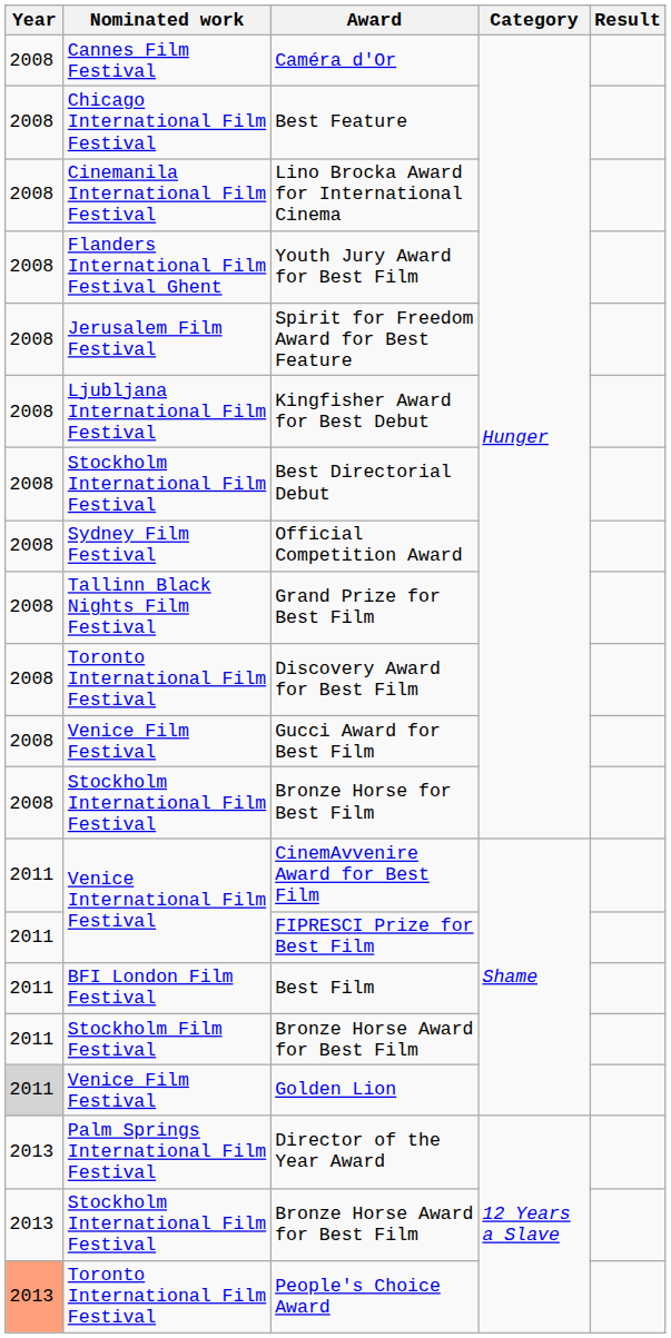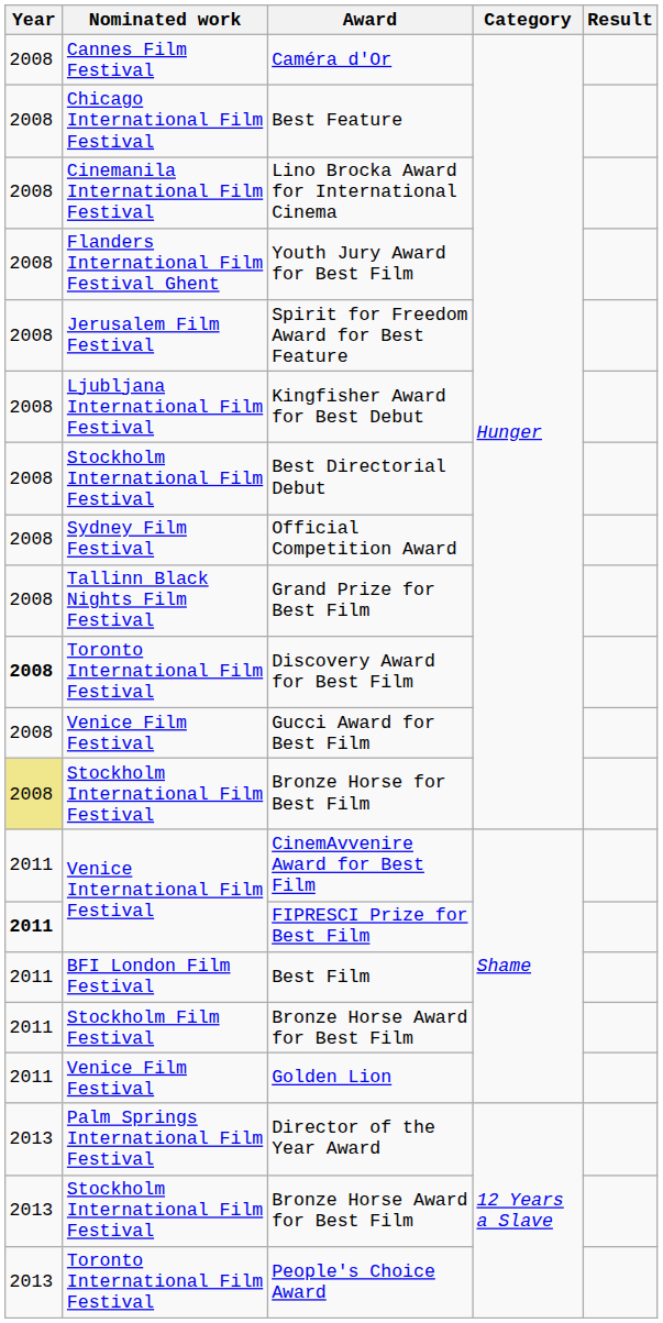 <table class="wikitable sortable" width = 75%>
 <tr>
 <th width=35px>Year</th>
 <th>Nominated work</th>
 <th>Award</th>
 <th>Category</th>
 <th width=40px>Result</th>
 </tr>
 <tr>
 <td>2008</td>
 <td><a href='#'>Cannes Film Festival</a></td>
 <td><a href='#'>Caméra d'Or</a></td>
 <td rowspan="12"><em><a href='#'>Hunger</a></em></td>
 <td></td>
 </tr>
 <tr>
 <td>2008</td>
 <td><a href='#'>Chicago International Film Festival</a></td>
 <td>Best Feature</td>
 <td></td>
 </tr>
 <tr>
 <td>2008</td>
 <td><a href='#'>Cinemanila International Film Festival</a></td>
 <td>Lino Brocka Award for International Cinema</td>
 <td></td>
 </tr>
 <tr>
 <td>2008</td>
 <td><a href='#'>Flanders International Film Festival Ghent</a></td>
 <td>Youth Jury Award for Best Film</td>
 <td></td>
 </tr>
 <tr>
 <td>2008</td>
 <td><a href='#'>Jerusalem Film Festival</a></td>
 <td>Spirit for Freedom Award for Best Feature</td>
 <td></td>
 </tr>
 <tr>
 <td>2008</td>
 <td><a href='#'>Ljubljana International Film Festival</a></td>
 <td>Kingfisher Award for Best Debut</td>
 <td></td>
 </tr>
 <tr>
 <td>2008</td>
 <td><a href='#'>Stockholm International Film Festival</a></td>
 <td>Best Directorial Debut</td>
 <td></td>
 </tr>
 <tr>
 <td>2008</td>
 <td><a href='#'>Sydney Film Festival</a></td>
 <td>Official Competition Award</td>
 <td></td>
 </tr>
 <tr>
 <td>2008</td>
 <td><a href='#'>Tallinn Black Nights Film Festival</a></td>
 <td>Grand Prize for Best Film</td>
 <td></td>
 </tr>
 <tr>
-<td>2008</td>
+<td><strong>2008</strong></td>
 <td><a href='#'>Toronto International Film Festival</a></td>
 <td>Discovery Award for Best Film</td>
 <td></td>
 </tr>
 <tr>
 <td>2008</td>
 <td><a href='#'>Venice Film Festival</a></td>
 <td>Gucci Award for Best Film</td>
 <td></td>
 </tr>
 <tr>
-<td>2008</td>
+<td style="background: khaki;">2008</td>
 <td><a href='#'>Stockholm International Film Festival</a></td>
 <td>Bronze Horse for Best Film</td>
 <td></td>
 </tr>
 <tr>
 <td>2011</td>
 <td rowspan="2"><a href='#'>Venice International Film Festival</a></td>
 <td><a href='#'>CinemAvvenire Award for Best Film</a></td>
 <td rowspan="5"><em><a href='#'>Shame</a></em></td>
 <td></td>
 </tr>
 <tr>
-<td>2011</td>
+<td><strong>2011</strong></td>
 <td><a href='#'>FIPRESCI Prize for Best Film</a></td>
 <td></td>
 </tr>
 <tr>
 <td>2011</td>
 <td><a href='#'>BFI London Film Festival</a></td>
 <td>Best Film</td>
 <td></td>
 </tr>
 <tr>
 <td>2011</td>
 <td><a href='#'>Stockholm Film Festival</a></td>
 <td>Bronze Horse Award for Best Film</td>
 <td></td>
 </tr>
 <tr>
-<td style="background: lightgrey;">2011</td>
+<td>2011</td>
 <td><a href='#'>Venice Film Festival</a></td>
 <td><a href='#'>Golden Lion</a></td>
 <td></td>
 </tr>
 <tr>
 <td>2013</td>
 <td><a href='#'>Palm Springs International Film Festival</a></td>
 <td>Director of the Year Award</td>
 <td rowspan="3"><em><a href='#'>12 Years a Slave</a></em></td>
 <td></td>
 </tr>
 <tr>
 <td>2013</td>
 <td><a href='#'>Stockholm International Film Festival</a></td>
 <td>Bronze Horse Award for Best Film</td>
 <td></td>
 </tr>
 <tr>
-<td style="background: lightsalmon;">2013</td>
+<td>2013</td>
 <td><a href='#'>Toronto International Film Festival</a></td>
 <td><a href='#'>People's Choice Award</a></td>
 <td></td>
 </tr>
 </table>
